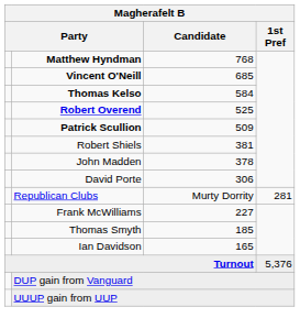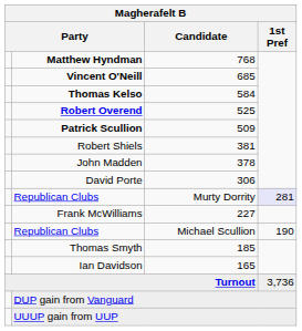 <table class="wikitable">
 <tr>
 <th colspan="4" align="center">Magherafelt B</th>
 </tr>
 <tr>
 <th colspan="2" align="center" width=200>Party</th>
 <th width=160>Candidate</th>
 <th width=50>1st Pref</th>
 </tr>
 <tr>
 <td></td>
 <td align="right"><strong>Matthew Hyndman</strong></td>
 <td align="right">768</td>
 </tr>
 <tr>
 <td></td>
 <td align="right"><strong>Vincent O'Neill</strong></td>
 <td align="right">685</td>
 </tr>
 <tr>
 <td></td>
 <td align="right"><strong>Thomas Kelso</strong></td>
 <td align="right">584</td>
 </tr>
 <tr>
 <td></td>
 <td align="right"><strong><a href='#'>Robert Overend</a></strong></td>
 <td align="right">525</td>
 </tr>
 <tr>
 <td></td>
 <td align="right"><strong>Patrick Scullion</strong></td>
 <td align="right">509</td>
 </tr>
 <tr>
 <td></td>
 <td align="right">Robert Shiels</td>
 <td align="right">381</td>
 </tr>
 <tr>
 <td></td>
 <td align="right">John Madden</td>
 <td align="right">378</td>
 </tr>
 <tr>
 <td></td>
 <td align="right">David Porte</td>
 <td align="right">306</td>
 </tr>
 <tr>
 <td style="background-color: "></td>
 <td><a href='#'>Republican Clubs</a></td>
 <td align="right">Murty Dorrity</td>
-<td align="right">281</td>
+<td align="right" style="background: lavender;">281</td>
 </tr>
 <tr>
 <td></td>
 <td align="right">Frank McWilliams</td>
 <td align="right">227</td>
+</tr>
+<tr>
+<td style="background-color: "></td>
+<td><a href='#'>Republican Clubs</a></td>
+<td align="right">Michael Scullion</td>
+<td align="right">190</td>
 </tr>
 <tr>
 <td></td>
 <td align="right">Thomas Smyth</td>
 <td align="right">185</td>
 </tr>
 <tr>
 <td></td>
 <td align="right">Ian Davidson</td>
 <td align="right">165</td>
 </tr>
 <tr bgcolor="EEEEEE">
 <td colspan=3 align="right"><strong><a href='#'>Turnout</a></strong></td>
-<td align="right">5,376</td>
+<td align="right">3,736</td>
 </tr>
 <tr>
 <td bgcolor=></td>
 <td colspan=3 bgcolor="EEEEEE"><a href='#'>DUP</a> gain from <a href='#'>Vanguard</a></td>
 </tr>
 <tr>
 <td bgcolor=></td>
 <td colspan=3 bgcolor="EEEEEE"><a href='#'>UUUP</a> gain from <a href='#'>UUP</a></td>
 </tr>
 </table>
